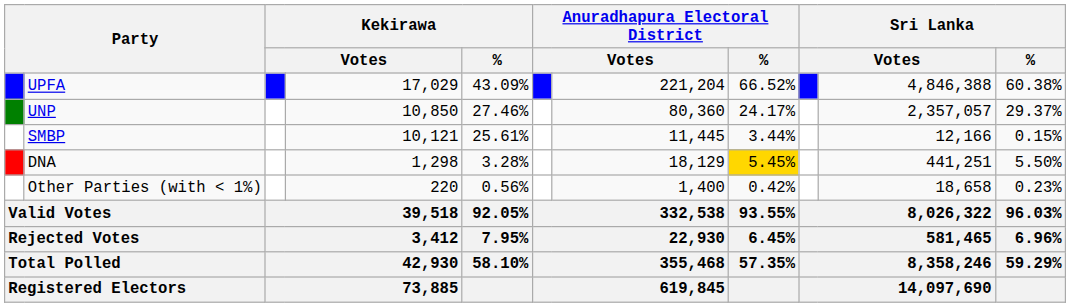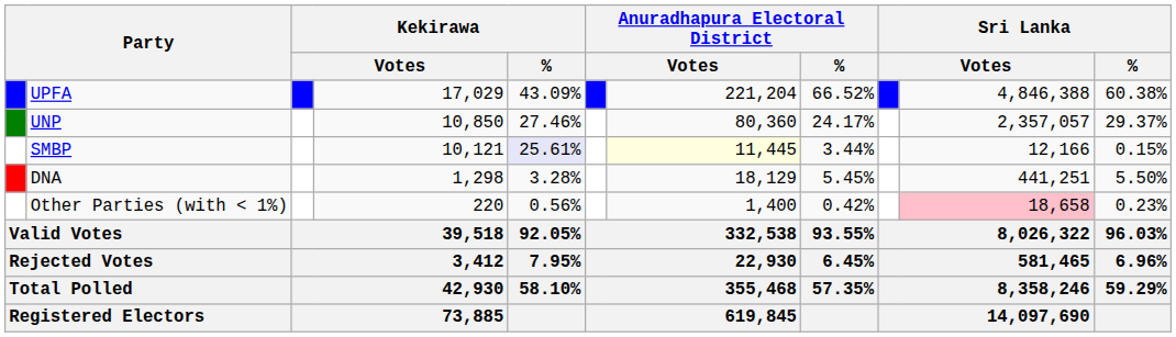 <table class="wikitable">
 <tr>
 <th colspan="2" width="144px"rowspan="2">Party</th>
 <th colspan="3" width="216px">Kekirawa</th>
 <th colspan="3" width="216px"><a href='#'>Anuradhapura Electoral District</a></th>
 <th colspan="3" width="216px">Sri Lanka</th>
 </tr>
 <tr>
 <th colspan="2" width="144px">Votes</th>
 <th>%</th>
 <th colspan="2" width="144px">Votes</th>
 <th>%</th>
 <th colspan="2" width="144px">Votes</th>
 <th>%</th>
 </tr>
 <tr>
 <td style="background-color:blue;" width="10px"></td>
 <td style="text-align:left;"><a href='#'>UPFA</a></td>
 <td style="background-color:blue;" width="10px"></td>
 <td style="text-align:right;">17,029</td>
 <td style="text-align:right;">43.09%</td>
 <td style="background-color:blue;" width="10px"></td>
 <td style="text-align:right;">221,204</td>
 <td style="text-align:right;">66.52%</td>
 <td style="background-color:blue;" width="10px"></td>
 <td style="text-align:right;">4,846,388</td>
 <td style="text-align:right;">60.38%</td>
 </tr>
 <tr>
 <td style="background-color:green;" width="10px"></td>
 <td style="text-align:left;"><a href='#'>UNP</a></td>
 <td style="background-color:white;" width="10px"></td>
 <td style="text-align:right;">10,850</td>
 <td style="text-align:right;">27.46%</td>
 <td style="background-color:white;" width="10px"></td>
 <td style="text-align:right;">80,360</td>
 <td style="text-align:right;">24.17%</td>
 <td style="background-color:white;" width="10px"></td>
 <td style="text-align:right;">2,357,057</td>
 <td style="text-align:right;">29.37%</td>
 </tr>
 <tr>
 <td style="background-color:white;" width="10px"></td>
 <td style="text-align:left;"><a href='#'>SMBP</a></td>
 <td style="background-color:white;" width="10px"></td>
 <td style="text-align:right;">10,121</td>
-<td style="text-align:right;">25.61%</td>
+<td style="background: lavender; text-align:right;">25.61%</td>
 <td style="background-color:white;" width="10px"></td>
-<td style="text-align:right;">11,445</td>
+<td style="background: lightyellow; text-align:right;">11,445</td>
 <td style="text-align:right;">3.44%</td>
 <td style="background-color:white;" width="10px"></td>
 <td style="text-align:right;">12,166</td>
 <td style="text-align:right;">0.15%</td>
 </tr>
 <tr>
 <td style="background-color:red;" width="10px"></td>
 <td style="text-align:left;">DNA</td>
 <td style="background-color:white;" width="10px"></td>
 <td style="text-align:right;">1,298</td>
 <td style="text-align:right;">3.28%</td>
 <td style="background-color:white;" width="10px"></td>
 <td style="text-align:right;">18,129</td>
-<td style="background: gold; text-align:right;">5.45%</td>
+<td style="text-align:right;">5.45%</td>
 <td style="background-color:white;" width="10px"></td>
 <td style="text-align:right;">441,251</td>
 <td style="text-align:right;">5.50%</td>
 </tr>
 <tr>
 <td style="background-color:white;" width="10px"></td>
 <td style="text-align:left;">Other Parties (with < 1%)</td>
 <td style="background-color:white;" width="10px"></td>
 <td style="text-align:right;">220</td>
 <td style="text-align:right;">0.56%</td>
 <td style="background-color:white;" width="10px"></td>
 <td style="text-align:right;">1,400</td>
 <td style="text-align:right;">0.42%</td>
 <td style="background-color:white;" width="10px"></td>
-<td style="text-align:right;">18,658</td>
+<td style="background: pink; text-align:right;">18,658</td>
 <td style="text-align:right;">0.23%</td>
 </tr>
 <tr>
 <th colspan="2" width="144px"style="text-align:left;">Valid Votes</th>
 <th style="text-align:right;"colspan="2" width="144px">39,518</th>
 <th style="text-align:right;">92.05%</th>
 <th style="text-align:right;"colspan="2" width="144px">332,538</th>
 <th style="text-align:right;">93.55%</th>
 <th style="text-align:right;"colspan="2" width="144px">8,026,322</th>
 <th style="text-align:right;">96.03%</th>
 </tr>
 <tr>
 <th colspan="2" width="144px"style="text-align:left;">Rejected Votes</th>
 <th style="text-align:right;"colspan="2" width="144px">3,412</th>
 <th style="text-align:right;">7.95%</th>
 <th style="text-align:right;"colspan="2" width="144px">22,930</th>
 <th style="text-align:right;">6.45%</th>
 <th style="text-align:right;"colspan="2" width="144px">581,465</th>
 <th style="text-align:right;">6.96%</th>
 </tr>
 <tr>
 <th colspan="2" width="144px"style="text-align:left;">Total Polled</th>
 <th style="text-align:right;"colspan="2" width="144px">42,930</th>
 <th style="text-align:right;">58.10%</th>
 <th style="text-align:right;"colspan="2" width="144px">355,468</th>
 <th style="text-align:right;">57.35%</th>
 <th style="text-align:right;"colspan="2" width="144px">8,358,246</th>
 <th style="text-align:right;">59.29%</th>
 </tr>
 <tr>
 <th colspan="2" width="144px"style="text-align:left;">Registered Electors</th>
 <th style="text-align:right;"colspan="2" width="144px">73,885</th>
 <th></th>
 <th style="text-align:right;"colspan="2" width="144px">619,845</th>
 <th></th>
 <th style="text-align:right;"colspan="2" width="144px">14,097,690</th>
 <th></th>
 </tr>
 </table>
